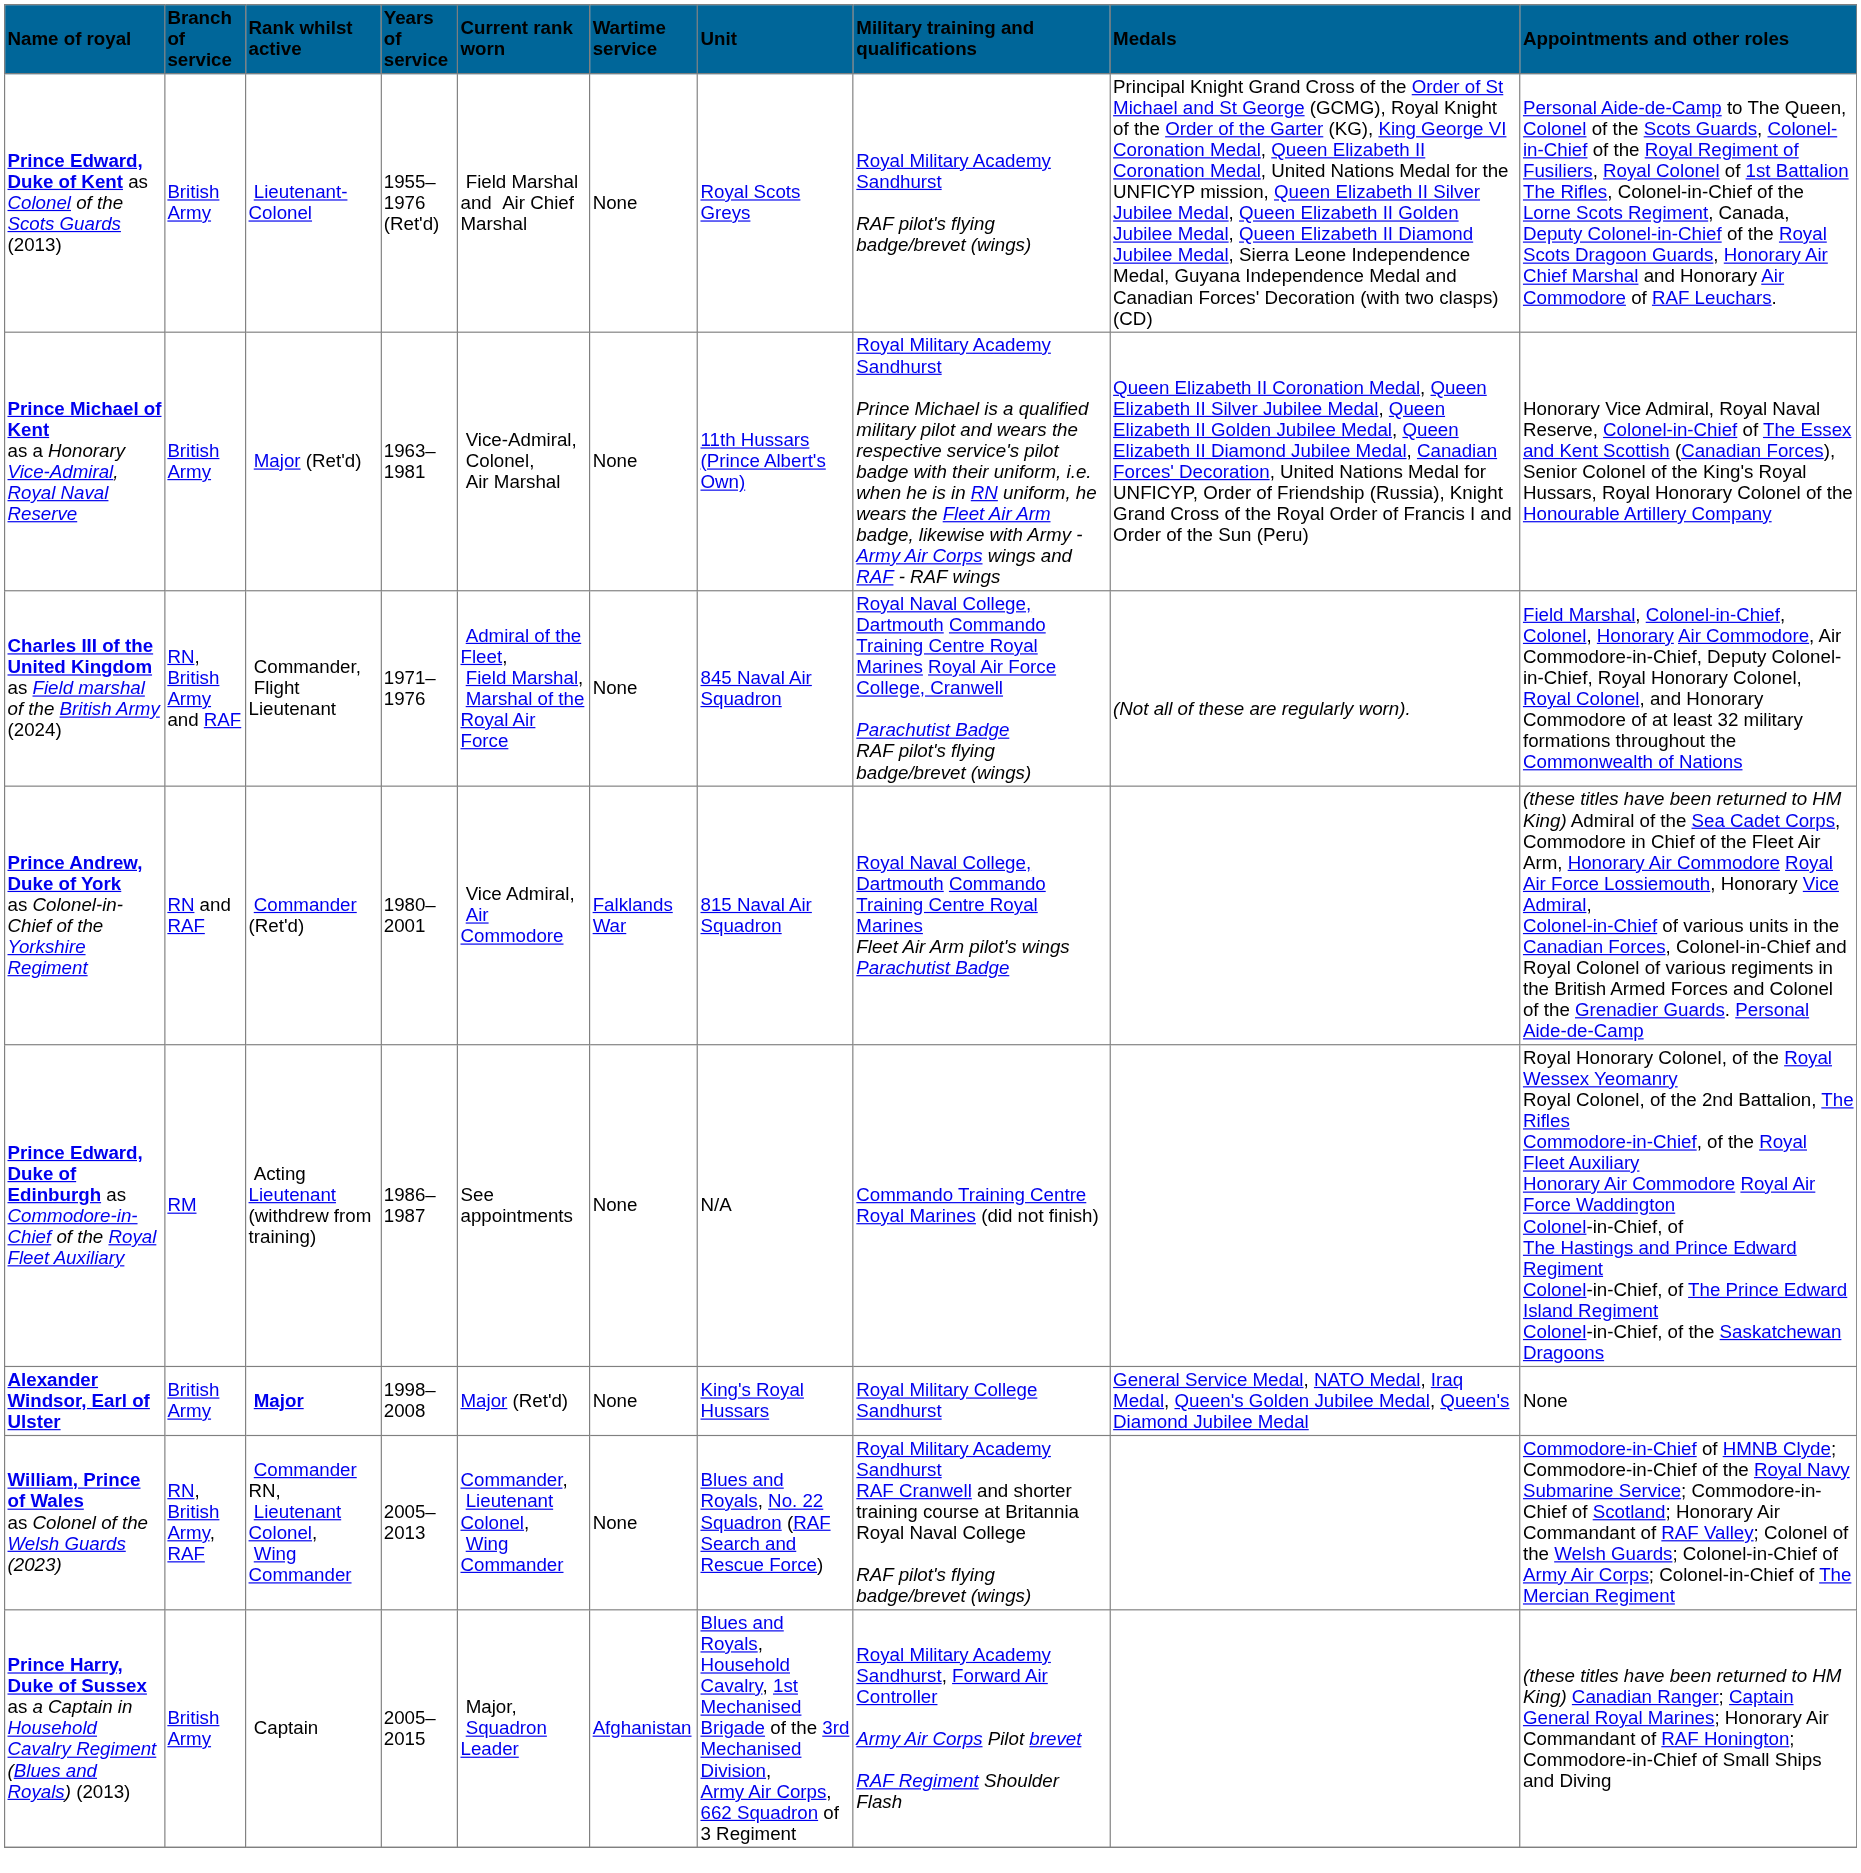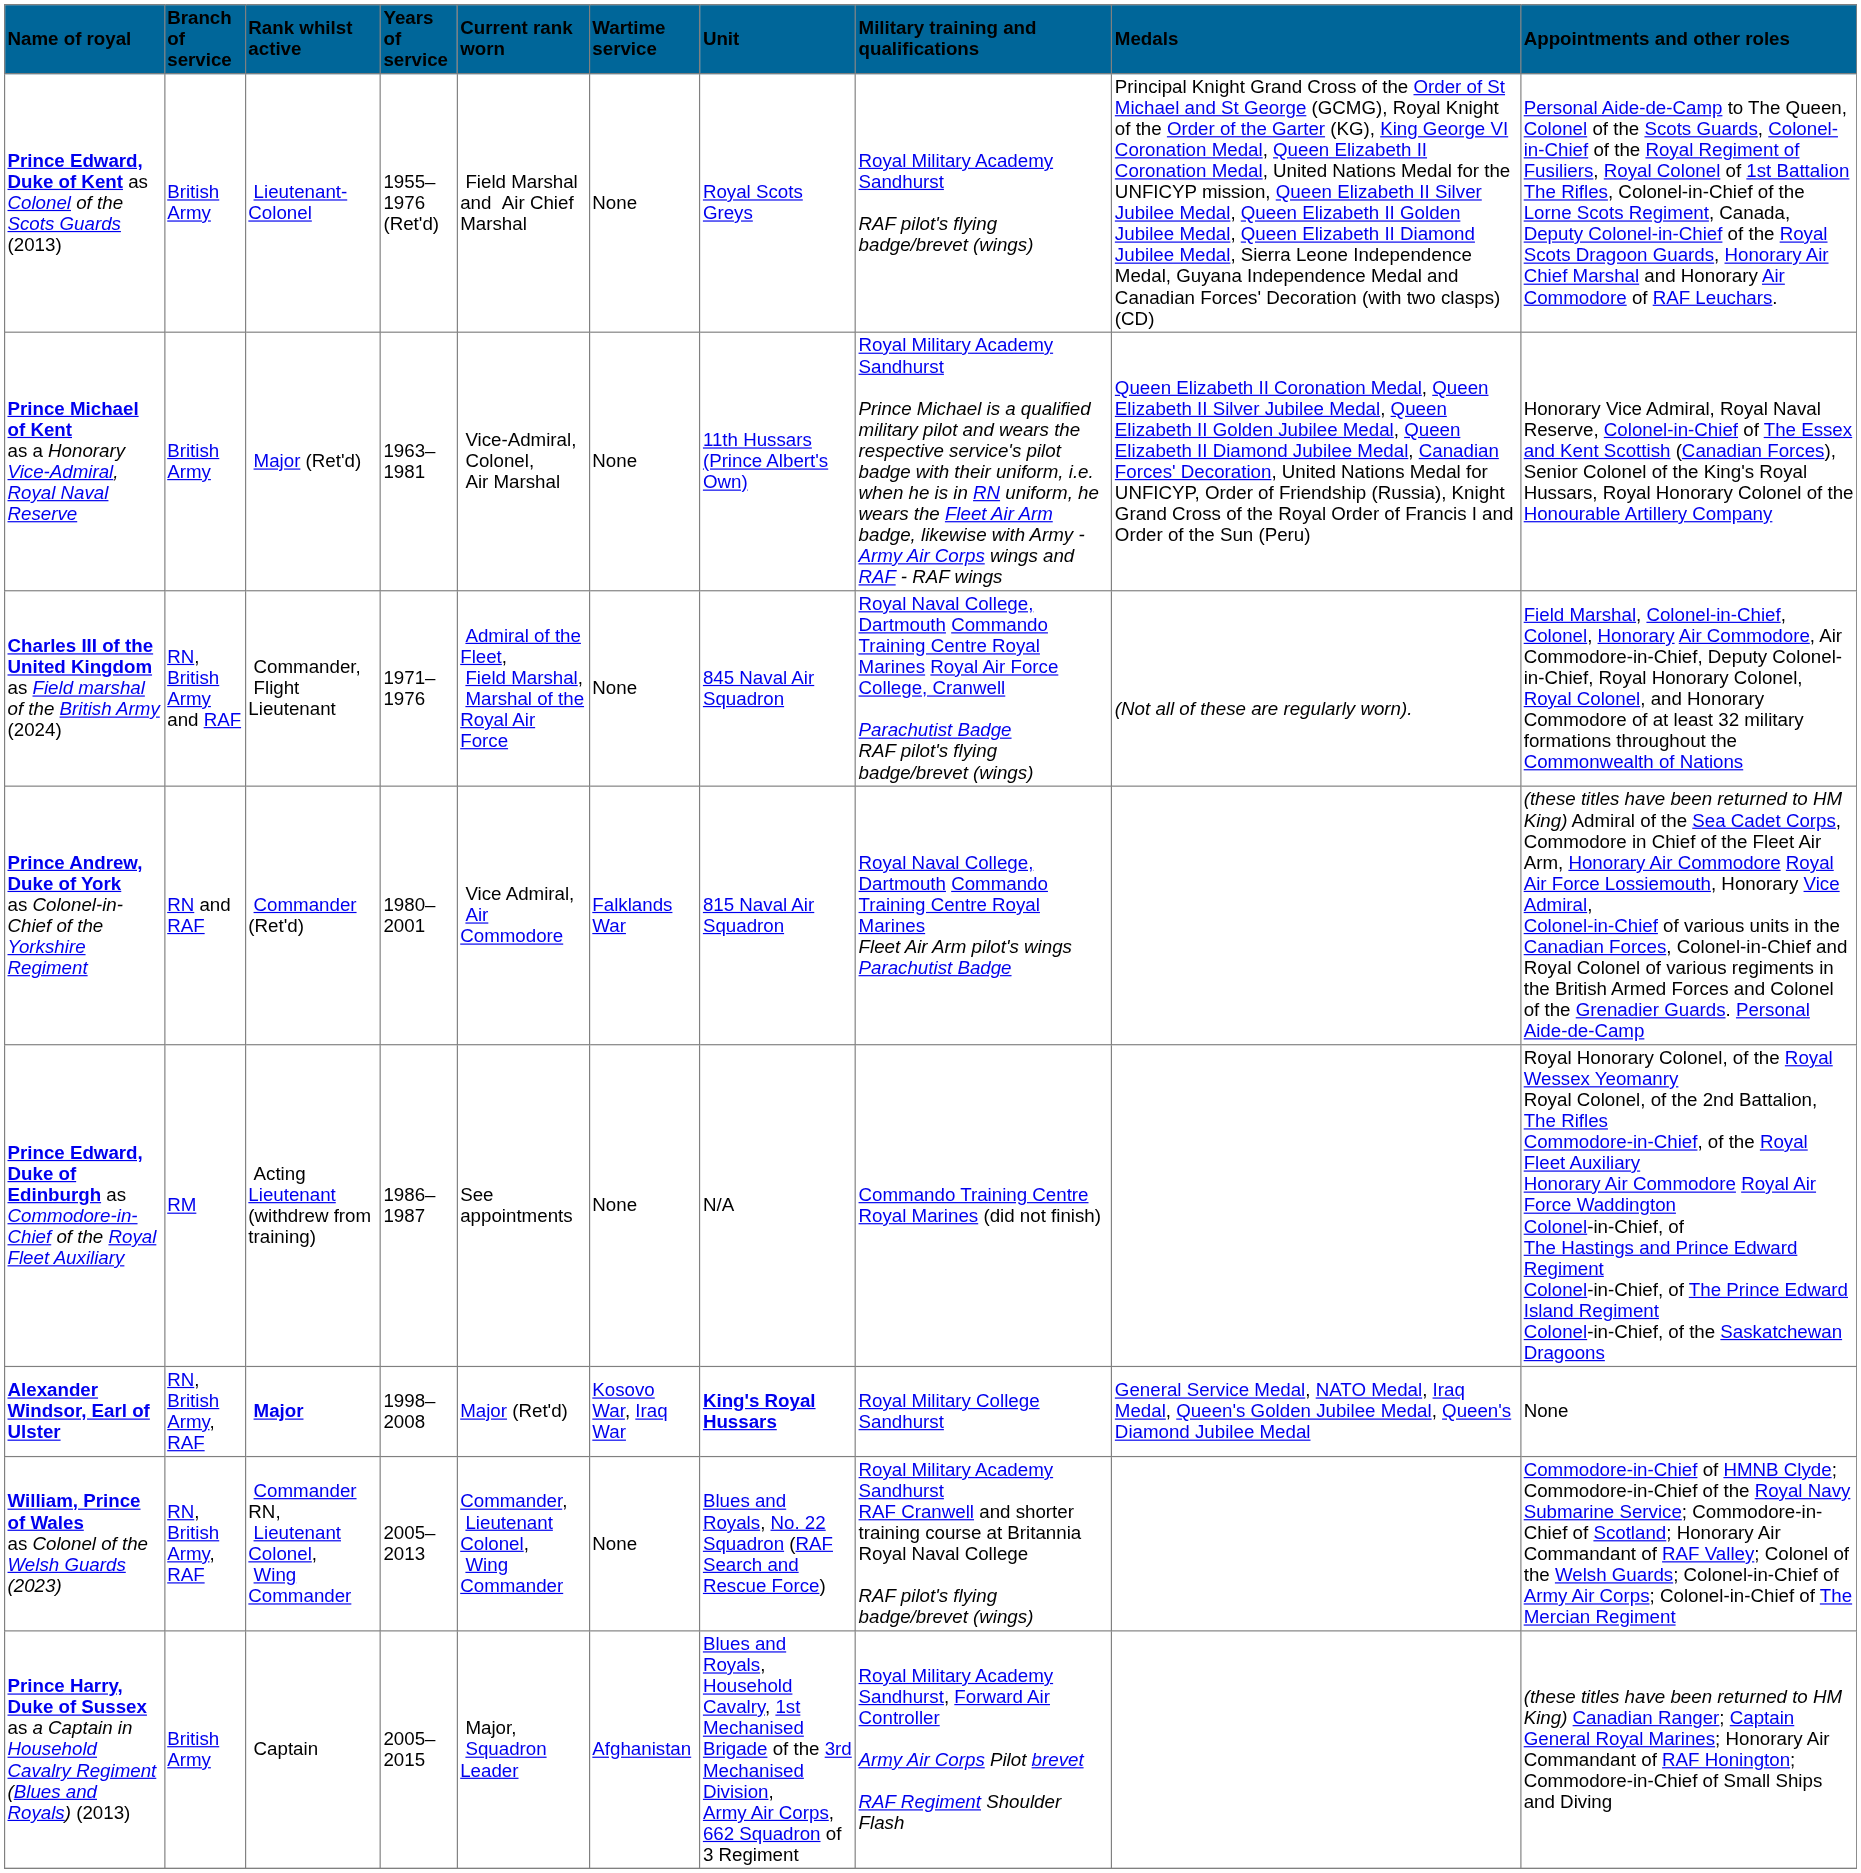 <table border="1" cellspacing="1" cellpadding="2" style="border-collapse: collapse;">
 <tr ---- bgcolor="#006699">
 <td><strong><span>Name of royal</span></strong></td>
 <td><strong><span>Branch of service</span></strong></td>
 <td><strong><span>Rank whilst active</span></strong></td>
 <td><strong><span>Years of service</span></strong></td>
 <td><strong><span>Current rank worn</span></strong></td>
 <td><strong><span>Wartime service</span></strong></td>
 <td><strong><span>Unit</span></strong></td>
 <td><strong><span>Military training and qualifications</span></strong></td>
 <td><strong><span>Medals</span></strong></td>
 <td><strong><span>Appointments and other roles</span></strong></td>
 </tr>
 <tr>
 <td><strong><a href='#'>Prince Edward, Duke of Kent</a></strong>  as <em><a href='#'>Colonel</a> of the <a href='#'>Scots Guards</a></em> (2013)</td>
 <td><a href='#'>British Army</a></td>
 <td> <a href='#'>Lieutenant-Colonel</a></td>
 <td>1955–1976 (Ret'd)</td>
 <td> Field Marshal and  Air Chief Marshal</td>
 <td>None</td>
 <td><a href='#'>Royal Scots Greys</a></td>
 <td><a href='#'>Royal Military Academy Sandhurst</a><br><br><em>RAF pilot's flying badge/brevet (wings)</em></td>
 <td>Principal Knight Grand Cross of the <a href='#'>Order of St Michael and St George</a> (GCMG), Royal Knight of the <a href='#'>Order of the Garter</a> (KG), <a href='#'>King George VI Coronation Medal</a>, <a href='#'>Queen Elizabeth II Coronation Medal</a>, United Nations Medal for the UNFICYP mission, <a href='#'>Queen Elizabeth II Silver Jubilee Medal</a>, <a href='#'>Queen Elizabeth II Golden Jubilee Medal</a>, <a href='#'>Queen Elizabeth II Diamond Jubilee Medal</a>, Sierra Leone Independence Medal, Guyana Independence Medal and Canadian Forces' Decoration (with two clasps) (CD)</td>
 <td><a href='#'>Personal Aide-de-Camp</a> to The Queen, <a href='#'>Colonel</a> of the <a href='#'>Scots Guards</a>, <a href='#'>Colonel-in-Chief</a> of the <a href='#'>Royal Regiment of Fusiliers</a>, <a href='#'>Royal Colonel</a> of <a href='#'>1st Battalion The Rifles</a>, Colonel-in-Chief of the <a href='#'>Lorne Scots Regiment</a>, Canada, <a href='#'>Deputy Colonel-in-Chief</a> of the <a href='#'>Royal Scots Dragoon Guards</a>, <a href='#'>Honorary Air Chief Marshal</a> and Honorary <a href='#'>Air Commodore</a> of <a href='#'>RAF Leuchars</a>.</td>
 </tr>
 <tr>
 <td><strong><a href='#'>Prince Michael of Kent</a></strong><br>as a <em>Honorary <a href='#'>Vice-Admiral</a>, <a href='#'>Royal Naval Reserve</a></em></td>
 <td><a href='#'>British Army</a></td>
 <td> <a href='#'>Major</a> (Ret'd)</td>
 <td>1963–1981</td>
 <td> Vice-Admiral,<br>  Colonel,<br>  Air Marshal</td>
 <td>None</td>
 <td><a href='#'>11th Hussars (Prince Albert's Own)</a></td>
 <td><a href='#'>Royal Military Academy Sandhurst</a><br><br><em>Prince Michael is a qualified military pilot and wears the respective service's pilot badge with their uniform, i.e. when he is in <a href='#'>RN</a> uniform, he wears the <a href='#'>Fleet Air Arm</a> badge, likewise with Army - <a href='#'>Army Air Corps</a> wings and <a href='#'>RAF</a> - RAF wings</em></td>
 <td><a href='#'>Queen Elizabeth II Coronation Medal</a>, <a href='#'>Queen Elizabeth II Silver Jubilee Medal</a>, <a href='#'>Queen Elizabeth II Golden Jubilee Medal</a>, <a href='#'>Queen Elizabeth II Diamond Jubilee Medal</a>, <a href='#'>Canadian Forces' Decoration</a>, United Nations Medal for UNFICYP, Order of Friendship (Russia),  Knight Grand Cross of the Royal Order of Francis I and Order of the Sun (Peru)</td>
 <td>Honorary Vice Admiral, Royal Naval Reserve, <a href='#'>Colonel-in-Chief</a> of <a href='#'>The Essex and Kent Scottish</a> (<a href='#'>Canadian Forces</a>), Senior Colonel of the King's Royal Hussars, Royal Honorary Colonel of the <a href='#'>Honourable Artillery Company</a></td>
 </tr>
 <tr>
 <td><strong><a href='#'>Charles III of the United Kingdom</a></strong><br>  as<em> <a href='#'>Field marshal</a> of the <a href='#'>British Army</a></em> (2024)</td>
 <td><a href='#'>RN</a>, <a href='#'>British Army</a> and <a href='#'>RAF</a></td>
 <td> Commander,<br> Flight Lieutenant</td>
 <td>1971–1976</td>
 <td> <a href='#'>Admiral of the Fleet</a>, <br>  <a href='#'>Field Marshal</a>,<br> <a href='#'>Marshal of the Royal Air Force</a></td>
 <td>None</td>
 <td><a href='#'>845 Naval Air Squadron</a></td>
 <td><a href='#'>Royal Naval College, Dartmouth</a> <a href='#'>Commando Training Centre Royal Marines</a> <a href='#'>Royal Air Force College, Cranwell</a><br><br><em><a href='#'>Parachutist Badge</a></em> <br><em>RAF pilot's flying badge/brevet (wings)</em></td>
 <td><div><br>                </div> <br><em>(Not all of these are regularly worn).</em></td>
 <td><a href='#'>Field Marshal</a>, <a href='#'>Colonel-in-Chief</a>, <a href='#'>Colonel</a>, <a href='#'>Honorary</a> <a href='#'>Air Commodore</a>, Air Commodore-in-Chief, Deputy Colonel-in-Chief, Royal Honorary Colonel, <a href='#'>Royal Colonel</a>, and Honorary Commodore of at least 32 military formations throughout the <a href='#'>Commonwealth of Nations</a></td>
 </tr>
 <tr>
 <td><strong><a href='#'>Prince Andrew, Duke of York</a></strong><br>  as <em>Colonel-in-Chief of the <a href='#'>Yorkshire Regiment</a></em></td>
 <td><a href='#'>RN</a> and <a href='#'>RAF</a></td>
 <td> <a href='#'>Commander</a> (Ret'd)</td>
 <td>1980–2001</td>
 <td> Vice Admiral,<br> <a href='#'>Air Commodore</a></td>
 <td><a href='#'>Falklands War</a></td>
 <td><a href='#'>815 Naval Air Squadron</a></td>
 <td><a href='#'>Royal Naval College, Dartmouth</a> <a href='#'>Commando Training Centre Royal Marines</a><br><em>Fleet Air Arm pilot's wings</em> <br><em><a href='#'>Parachutist Badge</a></em></td>
 <td><div><br>   <br>     </div></td>
 <td><em>(these titles have been returned to HM King)</em> Admiral of the <a href='#'>Sea Cadet Corps</a>, Commodore in Chief of the Fleet Air Arm, <a href='#'>Honorary Air Commodore</a> <a href='#'>Royal Air Force Lossiemouth</a>, Honorary <a href='#'>Vice Admiral</a>, <br> <a href='#'>Colonel-in-Chief</a> of various units in the <a href='#'>Canadian Forces</a>, Colonel-in-Chief and Royal Colonel of various regiments in the British Armed Forces and Colonel of the <a href='#'>Grenadier Guards</a>. <a href='#'>Personal Aide-de-Camp</a></td>
 </tr>
 <tr>
 <td><strong><a href='#'>Prince Edward, Duke of Edinburgh</a></strong>   as <em><a href='#'>Commodore-in-Chief</a> of the <a href='#'>Royal Fleet Auxiliary</a></em></td>
 <td><a href='#'>RM</a></td>
 <td> Acting <a href='#'>Lieutenant</a> (withdrew from training)</td>
 <td>1986–1987</td>
 <td>See appointments</td>
 <td>None</td>
 <td>N/A</td>
 <td><a href='#'>Commando Training Centre Royal Marines</a> (did not finish)</td>
 <td><div><br>        </div></td>
 <td>Royal Honorary Colonel, of the <a href='#'>Royal Wessex Yeomanry</a> <br> Royal Colonel, of the 2nd Battalion, <a href='#'>The Rifles</a> <br> <a href='#'>Commodore-in-Chief</a>, of the <a href='#'>Royal Fleet Auxiliary</a> <br> <a href='#'>Honorary Air Commodore</a> <a href='#'>Royal Air Force Waddington</a> <br> <a href='#'>Colonel</a>-in-Chief, of  <br> <a href='#'>The Hastings and Prince Edward Regiment</a> <br> <a href='#'>Colonel</a>-in-Chief, of  <a href='#'>The Prince Edward Island Regiment</a> <br> <a href='#'>Colonel</a>-in-Chief, of  the <a href='#'>Saskatchewan Dragoons</a></td>
 </tr>
 <tr>
 <td><strong><a href='#'>Alexander Windsor, Earl of Ulster</a></strong></td>
-<td><a href='#'>British Army</a></td>
+<td><a href='#'>RN</a>,<br><a href='#'>British Army</a>,<br><a href='#'>RAF</a></td>
 <td><strong> <a href='#'>Major</a></strong></td>
 <td>1998–2008</td>
 <td><a href='#'>Major</a> (Ret'd)</td>
-<td>None</td>
-<td><a href='#'>King's Royal Hussars</a></td>
+<td><a href='#'>Kosovo War</a>, <a href='#'>Iraq War</a></td>
+<td><strong><a href='#'>King's Royal Hussars</a></strong></td>
 <td><a href='#'>Royal Military College Sandhurst</a></td>
 <td><a href='#'>General Service Medal</a>, <a href='#'>NATO Medal</a>, <a href='#'>Iraq Medal</a>, <a href='#'>Queen's Golden Jubilee Medal</a>, <a href='#'>Queen's Diamond Jubilee Medal</a></td>
 <td>None</td>
 </tr>
 <tr>
 <td><strong><a href='#'>William, Prince of Wales</a></strong> <br>as <em>Colonel of the <a href='#'>Welsh Guards</a> (2023)</em></td>
 <td><a href='#'>RN</a>,<br><a href='#'>British Army</a>,<br><a href='#'>RAF</a></td>
 <td> <a href='#'>Commander</a> RN,<br>  <a href='#'>Lieutenant Colonel</a>,<br>  <a href='#'>Wing Commander</a></td>
 <td>2005–2013</td>
 <td><a href='#'>Commander</a>,<br> <a href='#'>Lieutenant Colonel</a>,<br> <a href='#'>Wing Commander</a></td>
 <td>None</td>
 <td><a href='#'>Blues and Royals</a>, <a href='#'>No. 22 Squadron</a> (<a href='#'>RAF Search and Rescue Force</a>)</td>
 <td><a href='#'>Royal Military Academy Sandhurst</a><br><a href='#'>RAF Cranwell</a> and shorter training course at Britannia Royal Naval College<br><br><em>RAF pilot's flying badge/brevet (wings)</em></td>
 <td><div><br>        </div></td>
 <td><a href='#'>Commodore-in-Chief</a> of <a href='#'>HMNB Clyde</a>; Commodore-in-Chief of the <a href='#'>Royal Navy Submarine Service</a>; Commodore-in-Chief of <a href='#'>Scotland</a>; Honorary Air Commandant of <a href='#'>RAF Valley</a>; Colonel of the <a href='#'>Welsh Guards</a>; Colonel-in-Chief of <a href='#'>Army Air Corps</a>; Colonel-in-Chief of <a href='#'>The Mercian Regiment</a></td>
 </tr>
 <tr>
 <td><strong><a href='#'>Prince Harry, Duke of Sussex</a></strong><br>  as <em> a Captain in <a href='#'>Household Cavalry Regiment</a> (<a href='#'>Blues and Royals</a>)</em> (2013)</td>
 <td><a href='#'>British Army</a></td>
 <td> Captain</td>
 <td>2005–2015</td>
 <td> Major,<br> <a href='#'>Squadron Leader</a></td>
 <td><a href='#'>Afghanistan</a></td>
 <td><a href='#'>Blues and Royals</a>, <a href='#'>Household Cavalry</a>, <a href='#'>1st Mechanised Brigade</a> of the <a href='#'>3rd Mechanised Division</a>,<br><a href='#'>Army Air Corps</a>, <a href='#'>662 Squadron</a> of 3 Regiment</td>
 <td><a href='#'>Royal Military Academy Sandhurst</a>, <a href='#'>Forward Air Controller</a><br><br><em> <a href='#'>Army Air Corps</a> Pilot <a href='#'>brevet</a></em><br><br><em><a href='#'>RAF Regiment</a> Shoulder Flash</em></td>
 <td><div><br>    </div></td>
 <td><em>(these titles have been returned to HM King)</em> <a href='#'>Canadian Ranger</a>; <a href='#'>Captain General Royal Marines</a>; Honorary Air Commandant of <a href='#'>RAF Honington</a>; Commodore-in-Chief of Small Ships and Diving</td>
 </tr>
 <tr>
 </tr>
 </table>
